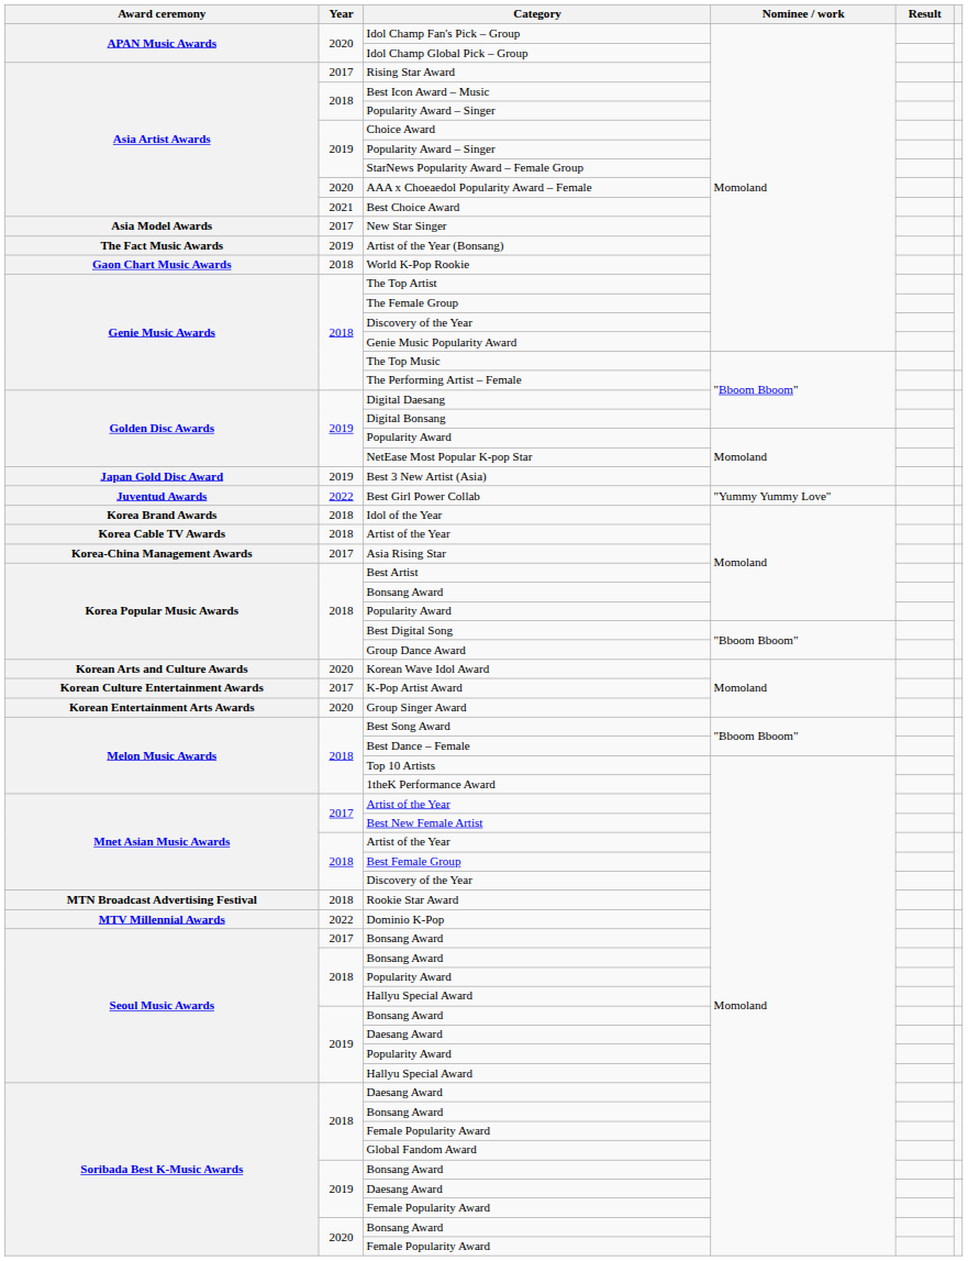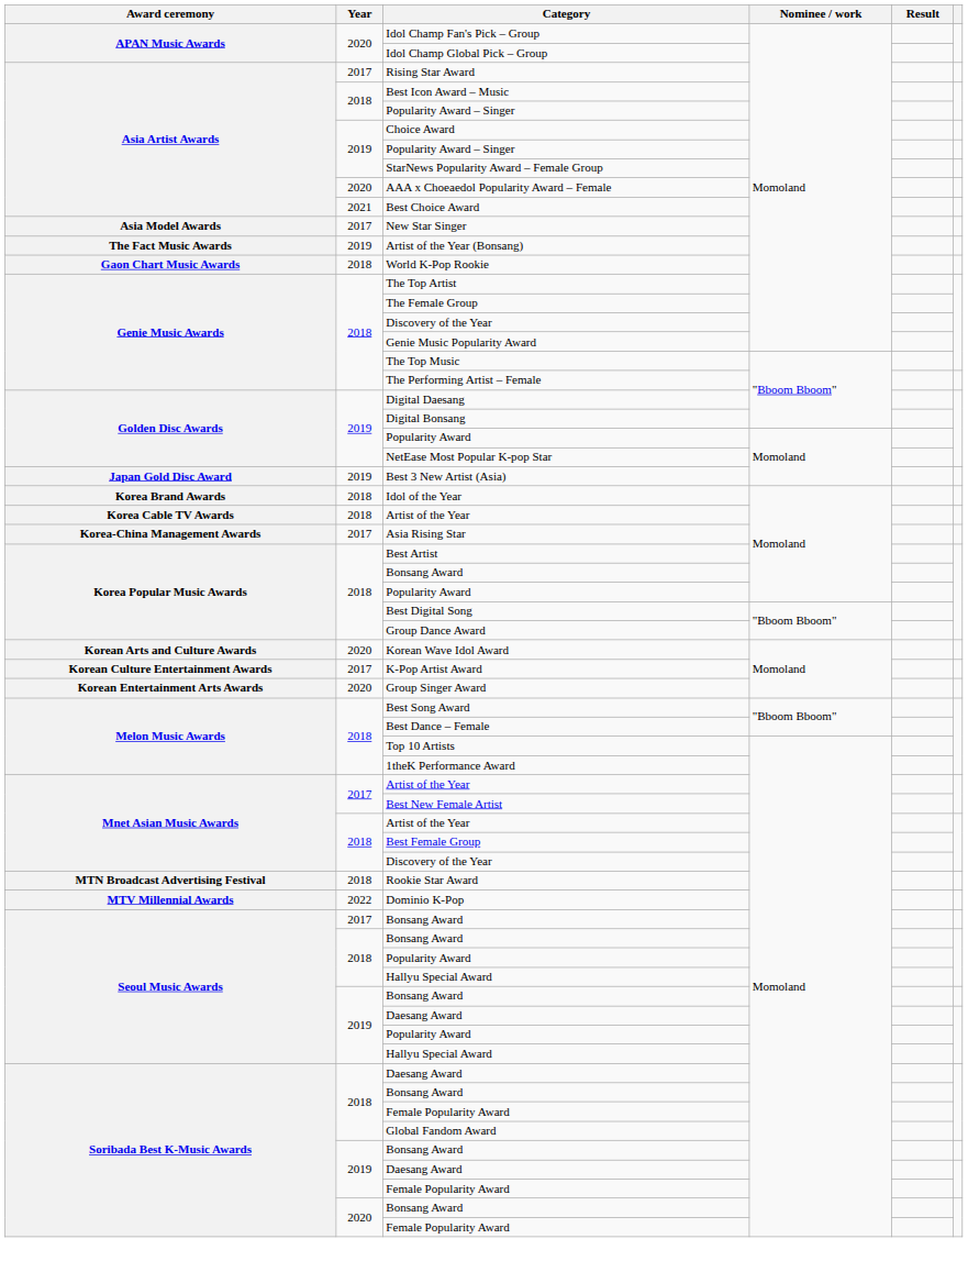 <table class="wikitable sortable plainrowheaders" style="width:100%;">
 <tr>
 <th scope="col">Award ceremony</th>
 <th scope="col">Year</th>
 <th scope="col">Category</th>
 <th scope="col">Nominee / work</th>
 <th scope="col">Result</th>
 <th scope="col" class="unsortable"></th>
 </tr>
 <tr>
 <th scope="row" rowspan="2"><a href='#'>APAN Music Awards</a></th>
 <td style="text-align:center" rowspan="2">2020</td>
 <td>Idol Champ Fan's Pick – Group</td>
 <td rowspan="17">Momoland</td>
 <td></td>
 <td rowspan="2" style="text-align:center"></td>
 </tr>
 <tr>
 <td>Idol Champ Global Pick – Group</td>
 <td></td>
 </tr>
 <tr>
 <th scope="row" rowspan="8"><a href='#'>Asia Artist Awards</a></th>
 <td style="text-align:center">2017</td>
 <td>Rising Star Award</td>
 <td></td>
 <td style="text-align:center"></td>
 </tr>
 <tr>
 <td rowspan="2" style="text-align:center">2018</td>
 <td>Best Icon Award – Music</td>
 <td></td>
 <td rowspan="2" style="text-align:center"></td>
 </tr>
 <tr>
 <td>Popularity Award – Singer</td>
 <td></td>
 </tr>
 <tr>
 <td rowspan="3" style="text-align:center">2019</td>
 <td>Choice Award</td>
 <td></td>
 <td style="text-align:center"></td>
 </tr>
 <tr>
 <td>Popularity Award – Singer</td>
 <td></td>
 <td style="text-align:center"></td>
 </tr>
 <tr>
 <td>StarNews Popularity Award – Female Group</td>
 <td></td>
 <td style="text-align:center"></td>
 </tr>
 <tr>
 <td style="text-align:center">2020</td>
 <td>AAA x Choeaedol Popularity Award – Female</td>
 <td></td>
 <td style="text-align:center"></td>
 </tr>
 <tr>
 <td style="text-align:center">2021</td>
 <td>Best Choice Award</td>
 <td></td>
 <td style="text-align:center"></td>
 </tr>
 <tr>
 <th scope="row">Asia Model Awards</th>
 <td style="text-align:center">2017</td>
 <td>New Star Singer</td>
 <td></td>
 <td style="text-align:center"></td>
 </tr>
 <tr>
 <th scope="row">The Fact Music Awards</th>
 <td style="text-align:center">2019</td>
 <td>Artist of the Year (Bonsang)</td>
 <td></td>
 <td style="text-align:center"></td>
 </tr>
 <tr>
 <th scope="row"><a href='#'>Gaon Chart Music Awards</a></th>
 <td style="text-align:center">2018</td>
 <td>World K-Pop Rookie</td>
 <td></td>
 <td style="text-align:center"></td>
 </tr>
 <tr>
 <th scope="row" rowspan="6"><a href='#'>Genie Music Awards</a></th>
 <td rowspan="6" style="text-align:center"><a href='#'>2018</a></td>
 <td>The Top Artist</td>
 <td></td>
 <td rowspan="5" style="text-align:center"></td>
 </tr>
 <tr>
 <td>The Female Group</td>
 <td></td>
 </tr>
 <tr>
 <td>Discovery of the Year</td>
 <td></td>
 </tr>
 <tr>
 <td>Genie Music Popularity Award</td>
 <td></td>
 </tr>
 <tr>
 <td>The Top Music</td>
 <td rowspan="4">"<a href='#'>Bboom Bboom</a>"</td>
 <td></td>
 </tr>
 <tr>
 <td>The Performing Artist – Female</td>
 <td></td>
 <td style="text-align:center"></td>
 </tr>
 <tr>
 <th scope="row" rowspan="4"><a href='#'>Golden Disc Awards</a></th>
 <td rowspan="4" style="text-align:center"><a href='#'>2019</a></td>
 <td>Digital Daesang</td>
 <td></td>
 <td rowspan="4" style="text-align:center"></td>
 </tr>
 <tr>
 <td>Digital Bonsang</td>
 <td></td>
 </tr>
 <tr>
 <td>Popularity Award</td>
 <td rowspan="3">Momoland</td>
 <td></td>
 </tr>
 <tr>
 <td>NetEase Most Popular K-pop Star</td>
 <td></td>
 </tr>
 <tr>
 <th scope="row"><a href='#'>Japan Gold Disc Award</a></th>
 <td style="text-align:center">2019</td>
 <td>Best 3 New Artist (Asia)</td>
-<td></td>
-<td style="text-align:center"></td>
-</tr>
-<tr>
-<th scope="row"><a href='#'>Juventud Awards</a></th>
-<td style="text-align:center"><a href='#'>2022</a></td>
-<td>Best Girl Power Collab</td>
-<td rowspan="1">"Yummy Yummy Love"</td>
 <td></td>
 <td style="text-align:center"></td>
 </tr>
 <tr>
 <th scope="row">Korea Brand Awards</th>
 <td style="text-align:center">2018</td>
 <td>Idol of the Year</td>
 <td rowspan="6">Momoland</td>
 <td></td>
 <td style="text-align:center"></td>
 </tr>
 <tr>
 <th scope="row">Korea Cable TV Awards</th>
 <td style="text-align:center">2018</td>
 <td>Artist of the Year</td>
 <td></td>
 <td style="text-align:center"></td>
 </tr>
 <tr>
 <th scope="row">Korea-China Management Awards</th>
 <td style="text-align:center">2017</td>
 <td>Asia Rising Star</td>
 <td></td>
 <td style="text-align:center"></td>
 </tr>
 <tr>
 <th scope="row" rowspan="5">Korea Popular Music Awards</th>
 <td rowspan="5" style="text-align:center">2018</td>
 <td>Best Artist</td>
 <td></td>
 <td scope="row" rowspan="5" style="text-align:center"></td>
 </tr>
 <tr>
 <td>Bonsang Award</td>
 <td></td>
 </tr>
 <tr>
 <td>Popularity Award</td>
 <td></td>
 </tr>
 <tr>
 <td>Best Digital Song</td>
 <td rowspan="2">"Bboom Bboom"</td>
 <td></td>
 </tr>
 <tr>
 <td>Group Dance Award</td>
 <td></td>
 </tr>
 <tr>
 <th scope="row">Korean Arts and Culture Awards</th>
 <td style="text-align:center">2020</td>
 <td>Korean Wave Idol Award</td>
 <td rowspan="3">Momoland</td>
 <td></td>
 <td style="text-align:center"></td>
 </tr>
 <tr>
 <th scope="row">Korean Culture Entertainment Awards</th>
 <td style="text-align:center">2017</td>
 <td>K-Pop Artist Award</td>
 <td></td>
 <td style="text-align:center"></td>
 </tr>
 <tr>
 <th scope="row">Korean Entertainment Arts Awards</th>
 <td style="text-align:center">2020</td>
 <td>Group Singer Award</td>
 <td></td>
 <td style="text-align:center"></td>
 </tr>
 <tr>
 <th scope="row" rowspan="4"><a href='#'>Melon Music Awards</a></th>
 <td rowspan="4" style="text-align:center"><a href='#'>2018</a></td>
 <td>Best Song Award</td>
 <td rowspan="2">"Bboom Bboom"</td>
 <td></td>
 <td rowspan="4" style="text-align:center"></td>
 </tr>
 <tr>
 <td>Best Dance – Female</td>
 <td></td>
 </tr>
 <tr>
 <td>Top 10 Artists</td>
 <td rowspan="26">Momoland</td>
 <td></td>
 </tr>
 <tr>
 <td>1theK Performance Award</td>
 <td></td>
 </tr>
 <tr>
 <th scope="row" rowspan="5"><a href='#'>Mnet Asian Music Awards</a></th>
 <td rowspan="2" style="text-align:center"><a href='#'>2017</a></td>
 <td><a href='#'>Artist of the Year</a></td>
 <td></td>
 <td rowspan="2" style="text-align:center"></td>
 </tr>
 <tr>
 <td><a href='#'>Best New Female Artist</a></td>
 <td></td>
 </tr>
 <tr>
 <td rowspan="3" style="text-align:center"><a href='#'>2018</a></td>
 <td>Artist of the Year</td>
 <td></td>
 <td rowspan="3" style="text-align:center"></td>
 </tr>
 <tr>
 <td><a href='#'>Best Female Group</a></td>
 <td></td>
 </tr>
 <tr>
 <td>Discovery of the Year</td>
 <td></td>
 </tr>
 <tr>
 <th scope="row">MTN Broadcast Advertising Festival</th>
 <td style="text-align:center">2018</td>
 <td>Rookie Star Award</td>
 <td></td>
 <td style="text-align:center"></td>
 </tr>
 <tr>
 <th scope="row"><a href='#'>MTV Millennial Awards</a></th>
 <td style="text-align:center">2022</td>
 <td>Dominio K-Pop</td>
 <td></td>
 <td style="text-align:center"></td>
 </tr>
 <tr>
 <th scope="row" rowspan="8"><a href='#'>Seoul Music Awards</a></th>
 <td style="text-align:center">2017</td>
 <td>Bonsang Award</td>
 <td></td>
 <td style="text-align:center"></td>
 </tr>
 <tr>
 <td rowspan="3" style="text-align:center">2018</td>
 <td>Bonsang Award</td>
 <td></td>
 <td rowspan="3" style="text-align:center"></td>
 </tr>
 <tr>
 <td>Popularity Award</td>
 <td></td>
 </tr>
 <tr>
 <td>Hallyu Special Award</td>
 <td></td>
 </tr>
 <tr>
 <td rowspan="4" style="text-align:center">2019</td>
 <td>Bonsang Award</td>
 <td></td>
 <td style="text-align:center"></td>
 </tr>
 <tr>
 <td>Daesang Award</td>
 <td></td>
 <td rowspan="3" style="text-align:center"></td>
 </tr>
 <tr>
 <td>Popularity Award</td>
 <td></td>
 </tr>
 <tr>
 <td>Hallyu Special Award</td>
 <td></td>
 </tr>
 <tr>
 <th scope="row" rowspan="9"><a href='#'>Soribada Best K-Music Awards</a></th>
 <td rowspan="4" style="text-align:center">2018</td>
 <td>Daesang Award</td>
 <td></td>
 <td rowspan="4" style="text-align:center"></td>
 </tr>
 <tr>
 <td>Bonsang Award</td>
 <td></td>
 </tr>
 <tr>
 <td>Female Popularity Award</td>
 <td></td>
 </tr>
 <tr>
 <td>Global Fandom Award</td>
 <td></td>
 </tr>
 <tr>
 <td rowspan="3" style="text-align:center">2019</td>
 <td>Bonsang Award</td>
 <td></td>
 <td style="text-align:center"></td>
 </tr>
 <tr>
 <td>Daesang Award</td>
 <td></td>
 <td rowspan="2" style="text-align:center"></td>
 </tr>
 <tr>
 <td>Female Popularity Award</td>
 <td></td>
 </tr>
 <tr>
 <td rowspan="2" style="text-align:center">2020</td>
 <td>Bonsang Award</td>
 <td></td>
 <td rowspan="2" style="text-align:center"></td>
 </tr>
 <tr>
 <td>Female Popularity Award</td>
 <td></td>
 </tr>
 </table>
